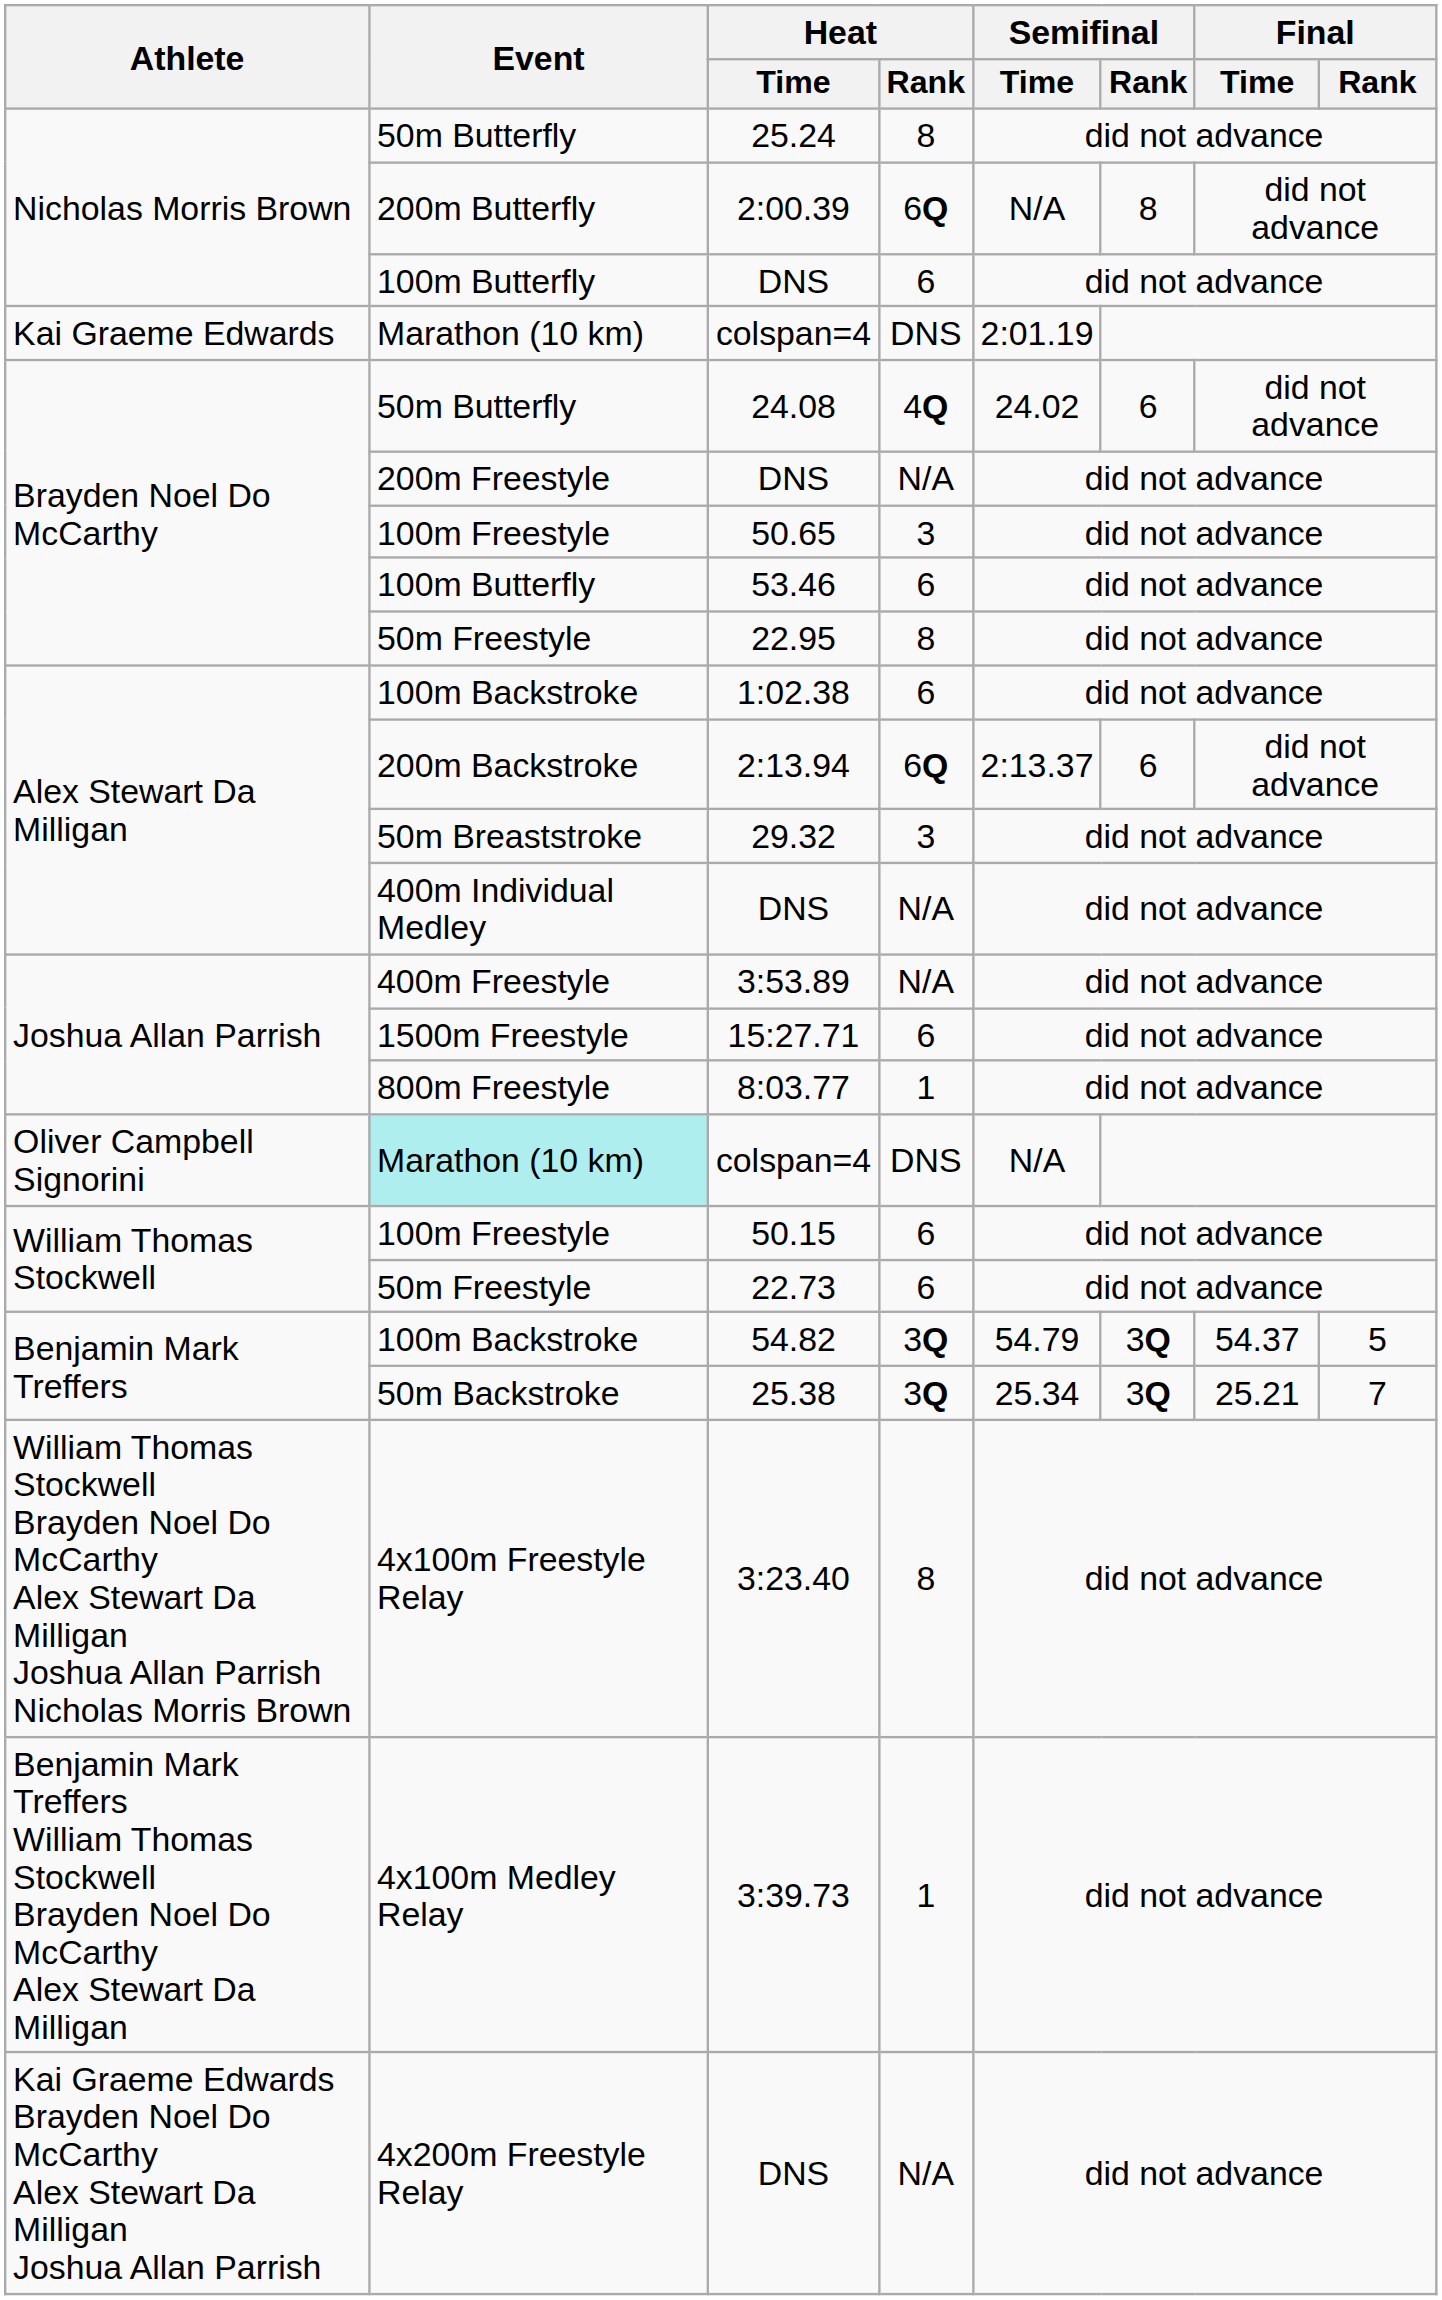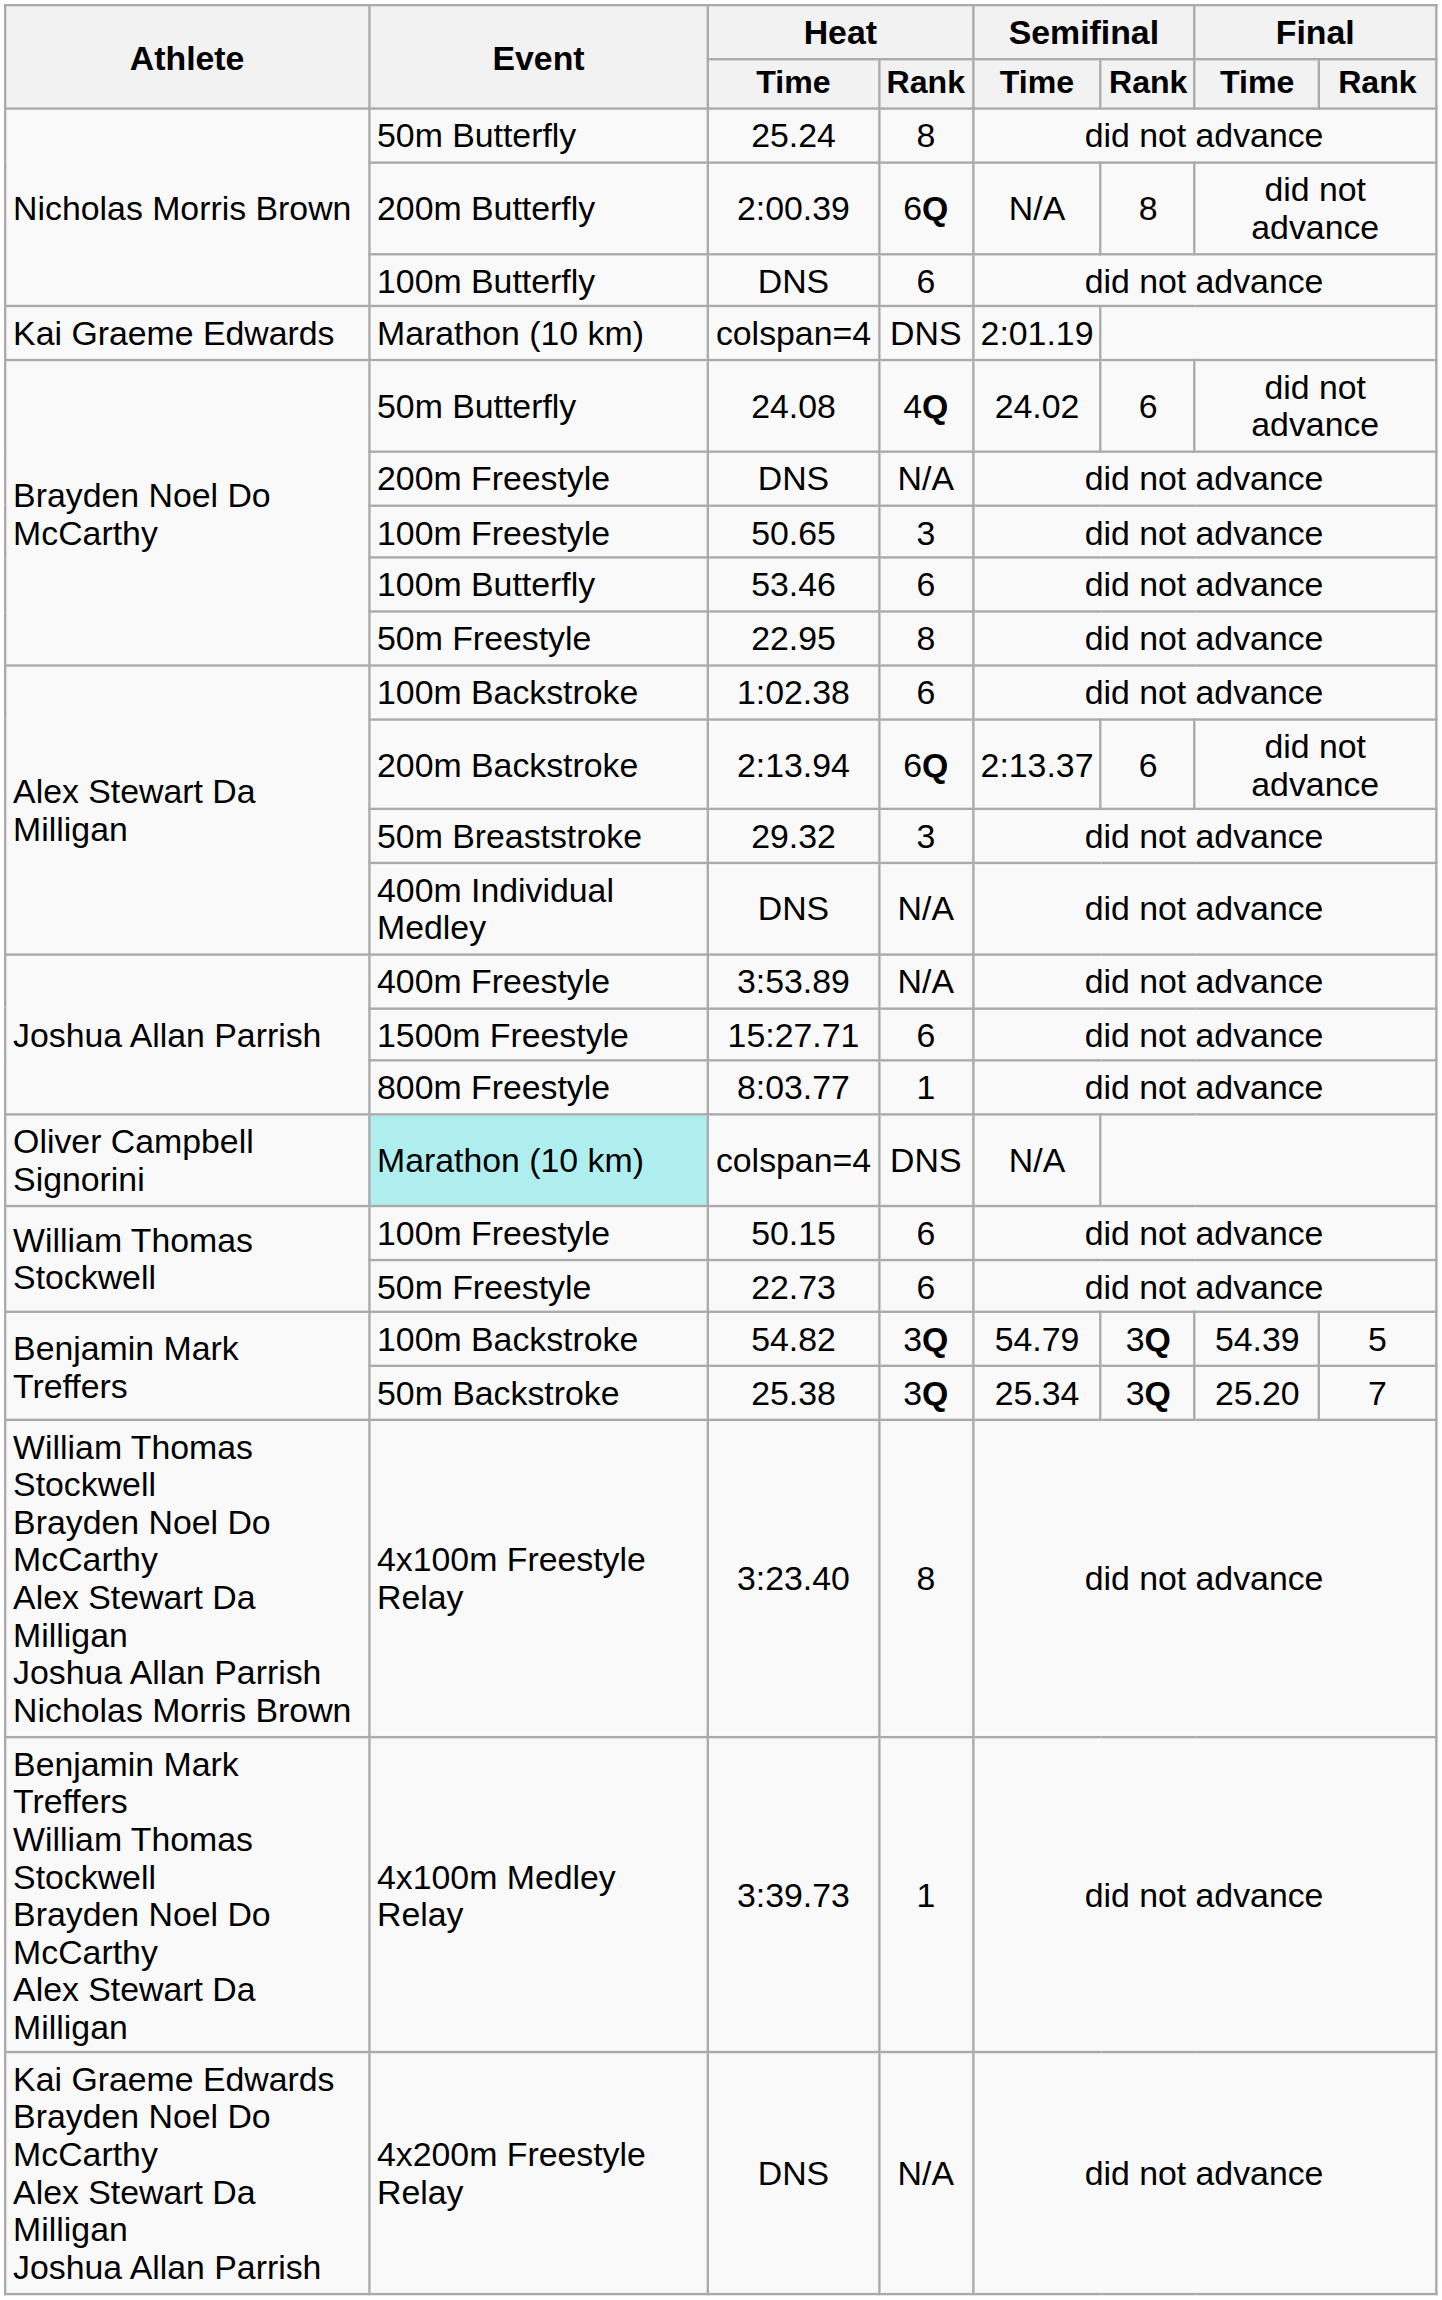 <table class=wikitable style="font-size:90%">
 <tr>
 <th rowspan="2">Athlete</th>
 <th rowspan="2">Event</th>
 <th colspan="2">Heat</th>
 <th colspan="2">Semifinal</th>
 <th colspan="2">Final</th>
 </tr>
 <tr style="font-size:95%">
 <th>Time</th>
 <th>Rank</th>
 <th>Time</th>
 <th>Rank</th>
 <th>Time</th>
 <th>Rank</th>
 </tr>
 <tr align=center>
 <td align=left rowspan=3>Nicholas Morris Brown</td>
 <td align=left>50m Butterfly</td>
 <td>25.24</td>
 <td>8</td>
 <td colspan=4>did not advance</td>
 </tr>
 <tr align=center>
 <td align=left>200m Butterfly</td>
 <td>2:00.39</td>
 <td>6<strong>Q</strong></td>
 <td>N/A</td>
 <td>8</td>
 <td colspan=2>did not advance</td>
 </tr>
 <tr align=center>
 <td align=left>100m Butterfly</td>
 <td>DNS</td>
 <td>6</td>
 <td colspan=4>did not advance</td>
 </tr>
 <tr align=center>
 <td align=left>Kai Graeme Edwards</td>
 <td align=left>Marathon (10 km)</td>
 <td>colspan=4 </td>
 <td>DNS</td>
 <td>2:01.19</td>
 </tr>
 <tr align=center>
 <td align=left rowspan=5>Brayden Noel Do McCarthy</td>
 <td align=left>50m Butterfly</td>
 <td>24.08</td>
 <td>4<strong>Q</strong></td>
 <td>24.02</td>
 <td>6</td>
 <td colspan=2>did not advance</td>
 </tr>
 <tr align=center>
 <td align=left>200m Freestyle</td>
 <td>DNS</td>
 <td>N/A</td>
 <td colspan=4>did not advance</td>
 </tr>
 <tr align=center>
 <td align=left>100m Freestyle</td>
 <td>50.65</td>
 <td>3</td>
 <td colspan=4>did not advance</td>
 </tr>
 <tr align=center>
 <td align=left>100m Butterfly</td>
 <td>53.46</td>
 <td>6</td>
 <td colspan=4>did not advance</td>
 </tr>
 <tr align=center>
 <td align=left>50m Freestyle</td>
 <td>22.95</td>
 <td>8</td>
 <td colspan=4>did not advance</td>
 </tr>
 <tr align=center>
 <td align=left rowspan=4>Alex Stewart Da Milligan</td>
 <td align=left>100m Backstroke</td>
 <td>1:02.38</td>
 <td>6</td>
 <td colspan=4>did not advance</td>
 </tr>
 <tr align=center>
 <td align=left>200m Backstroke</td>
 <td>2:13.94</td>
 <td>6<strong>Q</strong></td>
 <td>2:13.37</td>
 <td>6</td>
 <td colspan=2>did not advance</td>
 </tr>
 <tr align=center>
 <td align=left>50m Breaststroke</td>
 <td>29.32</td>
 <td>3</td>
 <td colspan=4>did not advance</td>
 </tr>
 <tr align=center>
 <td align=left>400m Individual Medley</td>
 <td>DNS</td>
 <td>N/A</td>
 <td colspan=4>did not advance</td>
 </tr>
 <tr align=center>
 <td align=left rowspan=3>Joshua Allan Parrish</td>
 <td align=left>400m Freestyle</td>
 <td>3:53.89</td>
 <td>N/A</td>
 <td colspan=4>did not advance</td>
 </tr>
 <tr align=center>
 <td align=left>1500m Freestyle</td>
 <td>15:27.71</td>
 <td>6</td>
 <td colspan=4>did not advance</td>
 </tr>
 <tr align=center>
 <td align=left>800m Freestyle</td>
 <td>8:03.77</td>
 <td>1</td>
 <td colspan=4>did not advance</td>
 </tr>
 <tr align=center>
 <td align=left>Oliver Campbell Signorini</td>
 <td align=left style="background: paleturquoise;">Marathon (10 km)</td>
 <td>colspan=4 </td>
 <td>DNS</td>
 <td>N/A</td>
 </tr>
 <tr align=center>
 <td align=left rowspan=2>William Thomas Stockwell</td>
 <td align=left>100m Freestyle</td>
 <td>50.15</td>
 <td>6</td>
 <td colspan=4>did not advance</td>
 </tr>
 <tr align=center>
 <td align=left>50m Freestyle</td>
 <td>22.73</td>
 <td>6</td>
 <td colspan=4>did not advance</td>
 </tr>
 <tr align=center>
 <td align=left rowspan=2>Benjamin Mark Treffers</td>
 <td align=left>100m Backstroke</td>
 <td>54.82</td>
 <td>3<strong>Q</strong></td>
 <td>54.79</td>
 <td>3<strong>Q</strong></td>
-<td>54.37</td>
+<td>54.39</td>
 <td>5</td>
 </tr>
 <tr align=center>
 <td align=left>50m Backstroke</td>
 <td>25.38</td>
 <td>3<strong>Q</strong></td>
 <td>25.34</td>
 <td>3<strong>Q</strong></td>
-<td>25.21</td>
+<td>25.20</td>
 <td>7</td>
 </tr>
 <tr align=center>
 <td align=left>William Thomas Stockwell<br>Brayden Noel Do McCarthy<br>Alex Stewart Da Milligan<br>Joshua Allan Parrish<br>Nicholas Morris Brown</td>
 <td align=left>4x100m Freestyle Relay</td>
 <td>3:23.40</td>
 <td>8</td>
 <td colspan=4>did not advance</td>
 </tr>
 <tr align=center>
 <td align=left>Benjamin Mark Treffers<br>William Thomas Stockwell<br>Brayden Noel Do McCarthy<br>Alex Stewart Da Milligan</td>
 <td align=left>4x100m Medley Relay</td>
 <td>3:39.73</td>
 <td>1</td>
 <td colspan=4>did not advance</td>
 </tr>
 <tr align=center>
 <td align=left>Kai Graeme Edwards<br>Brayden Noel Do McCarthy<br>Alex Stewart Da Milligan<br>Joshua Allan Parrish</td>
 <td align=left>4x200m Freestyle Relay</td>
 <td>DNS</td>
 <td>N/A</td>
 <td colspan=4>did not advance</td>
 </tr>
 </table>
